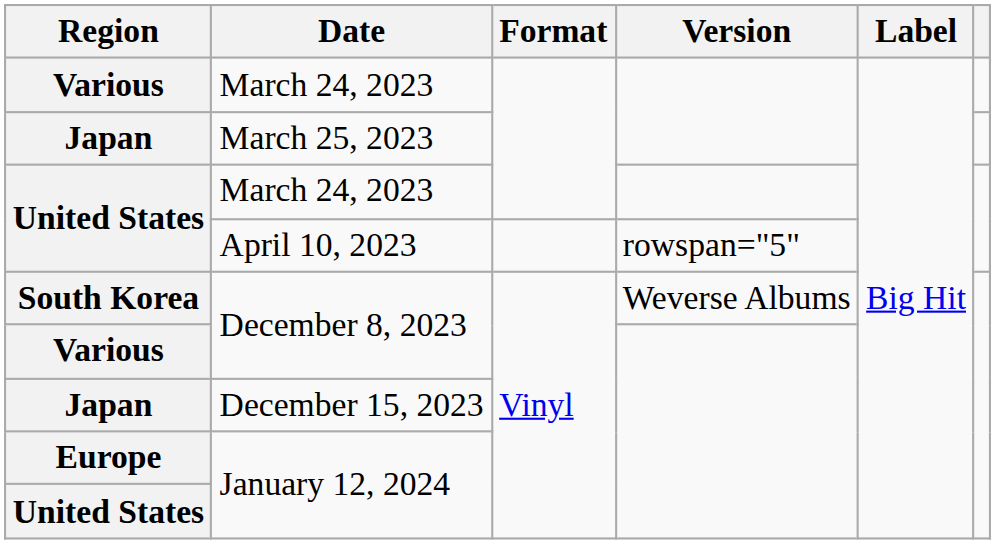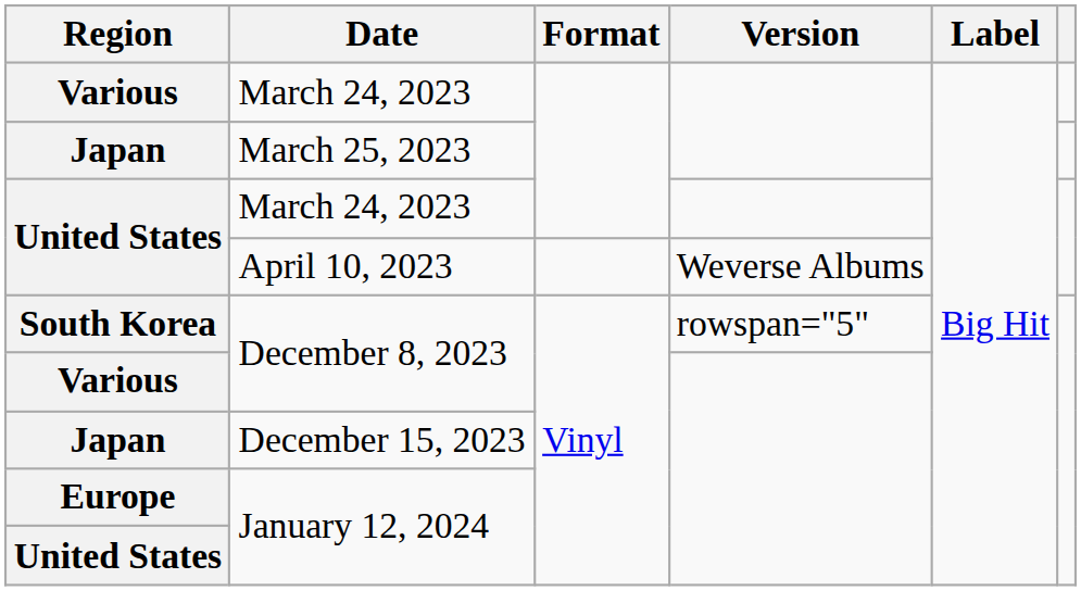 <table class="wikitable plainrowheaders">
 <tr>
 <th scope="col">Region</th>
 <th scope="col">Date</th>
 <th scope="col">Format</th>
 <th scope="col">Version</th>
 <th scope="col">Label</th>
 <th scope="col"></th>
 </tr>
 <tr>
 <th scope="row">Various</th>
 <td>March 24, 2023</td>
 <td rowspan="3"></td>
 <td rowspan="2"></td>
 <td rowspan="9"><a href='#'>Big Hit</a></td>
 <td style="text-align:center"></td>
 </tr>
 <tr>
 <th scope="row">Japan</th>
 <td>March 25, 2023</td>
 <td style="text-align:center"></td>
 </tr>
 <tr>
 <th scope="row" rowspan="2">United States</th>
 <td>March 24, 2023</td>
 <td></td>
 <td rowspan="2" style="text-align:center"></td>
 </tr>
 <tr>
 <td>April 10, 2023</td>
 <td></td>
-<td>rowspan="5" </td>
+<td>Weverse Albums</td>
 </tr>
 <tr>
 <th scope="row">South Korea</th>
 <td rowspan="2">December 8, 2023</td>
 <td rowspan="5"><a href='#'>Vinyl</a></td>
-<td>Weverse Albums</td>
+<td>rowspan="5" </td>
 <td rowspan="5" style="text-align:center"></td>
 </tr>
 <tr>
 <th scope="row">Various</th>
 </tr>
 <tr>
 <th scope="row">Japan</th>
 <td>December 15, 2023</td>
 </tr>
 <tr>
 <th scope="row">Europe</th>
 <td rowspan="2">January 12, 2024</td>
 </tr>
 <tr>
 <th scope="row">United States</th>
 </tr>
 </table>
